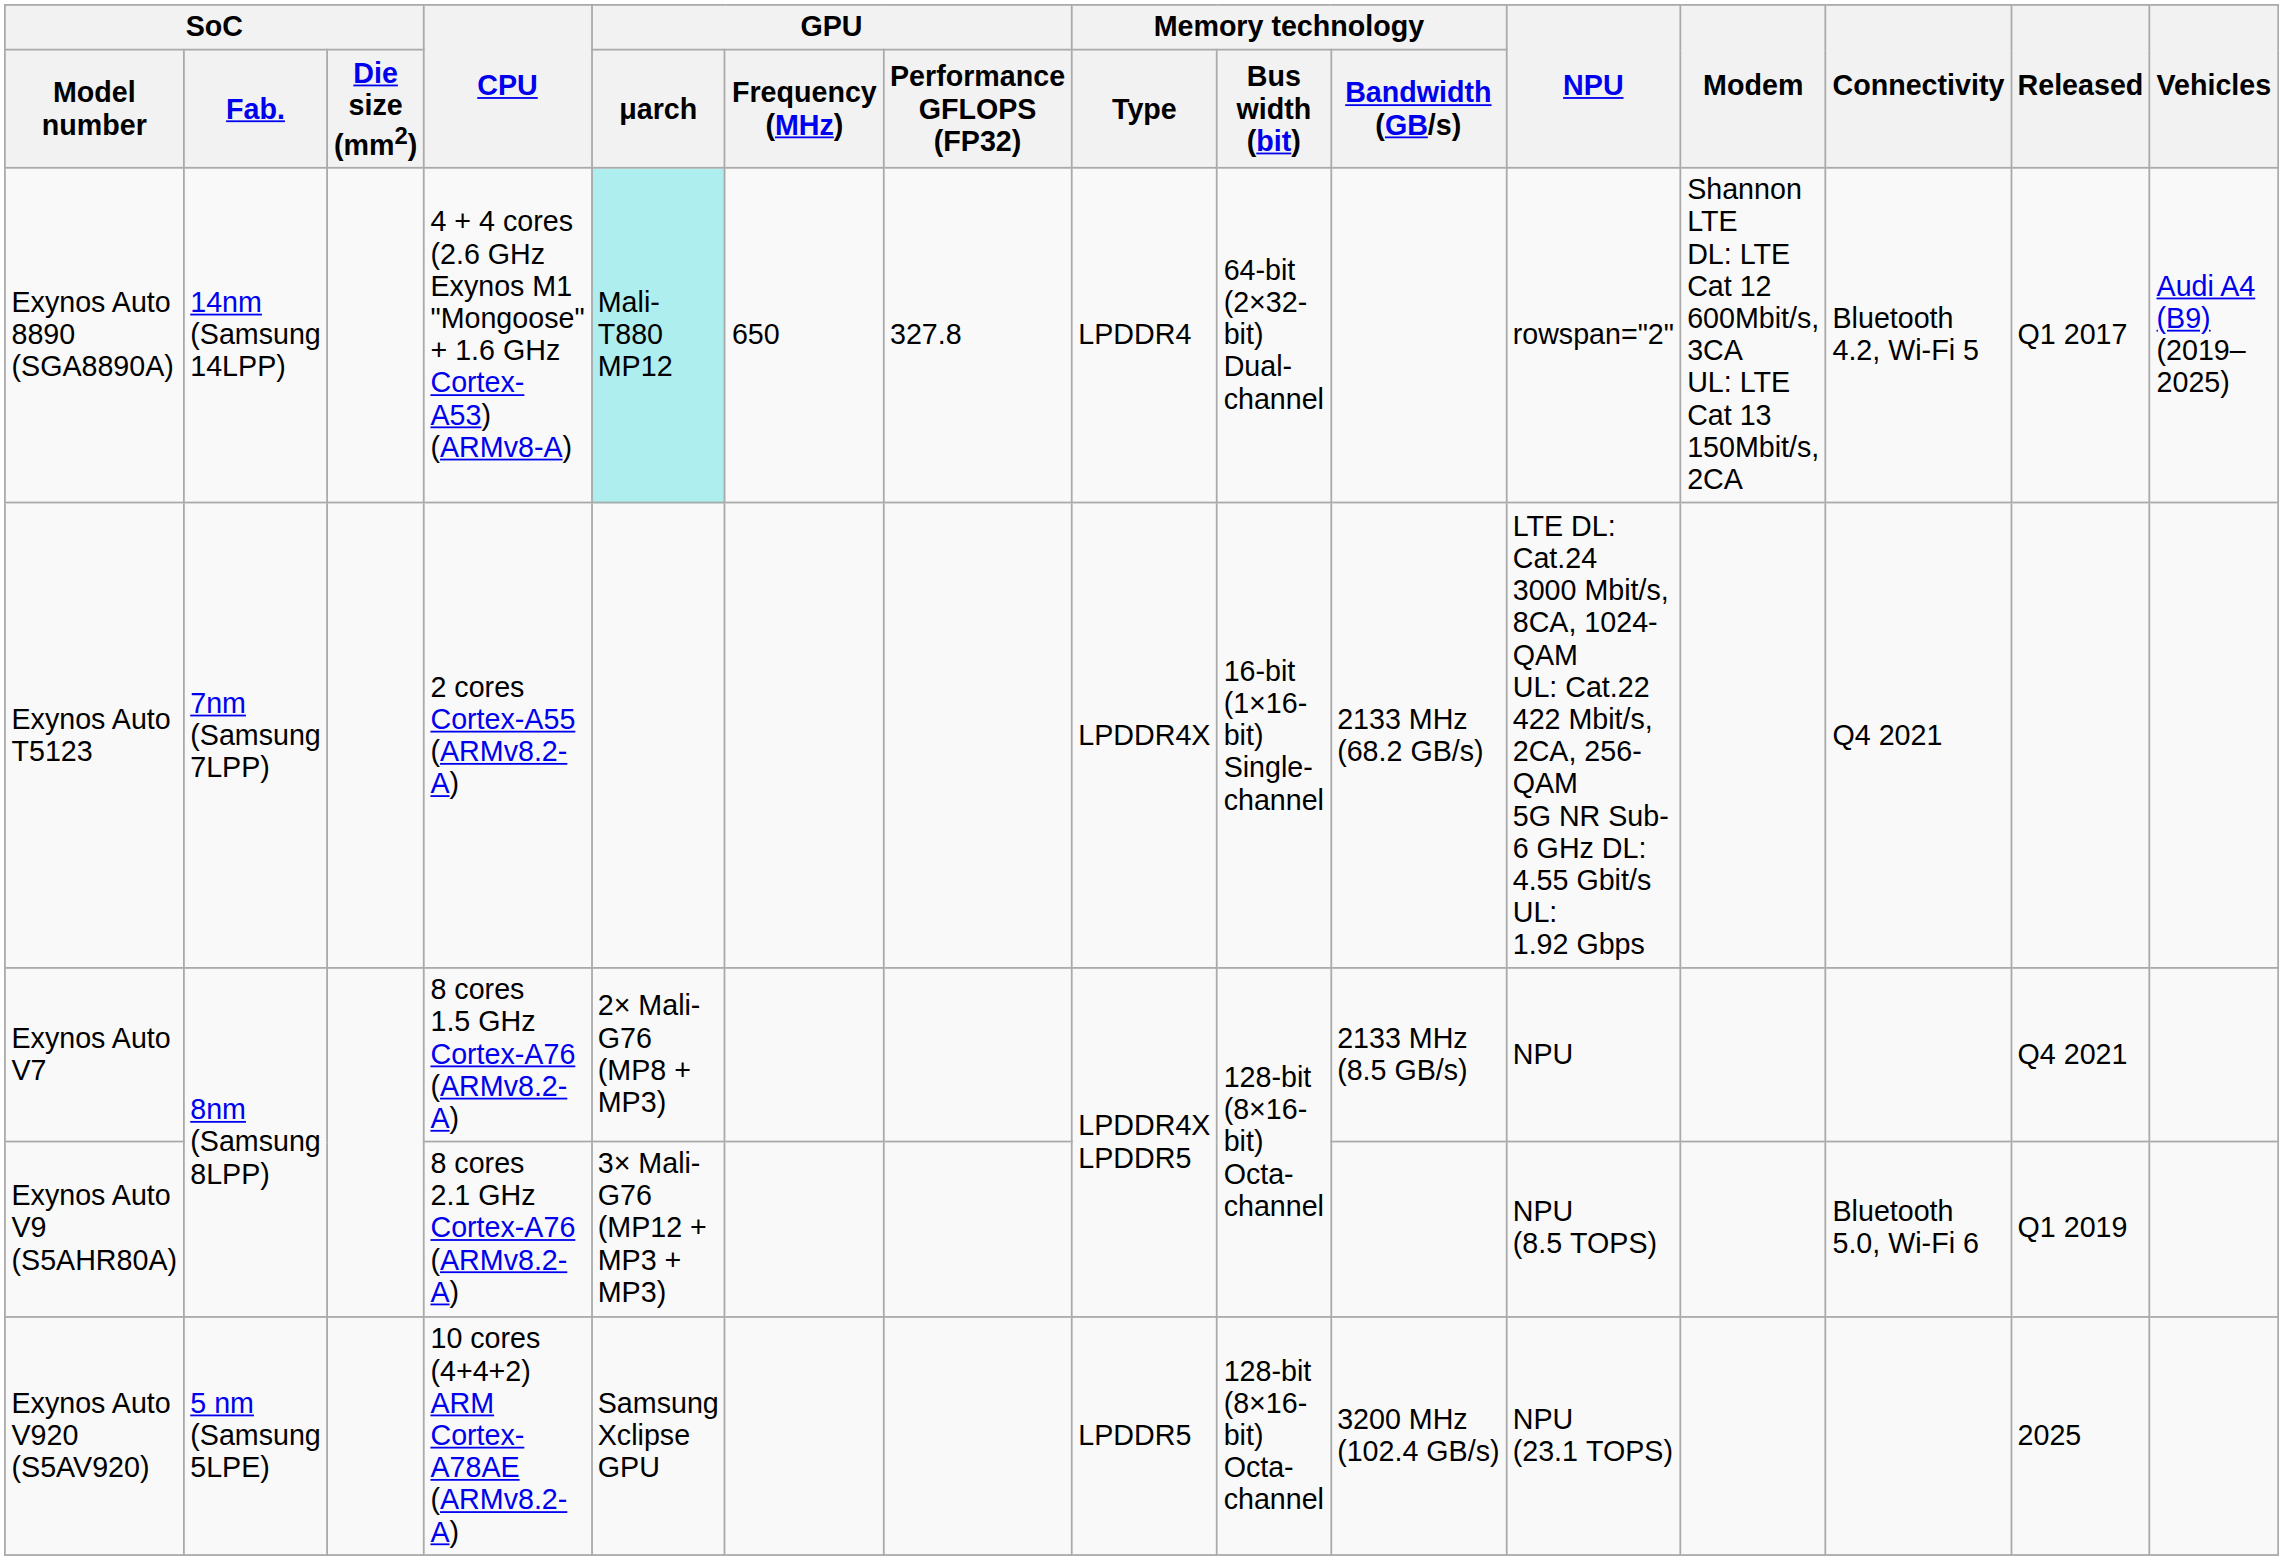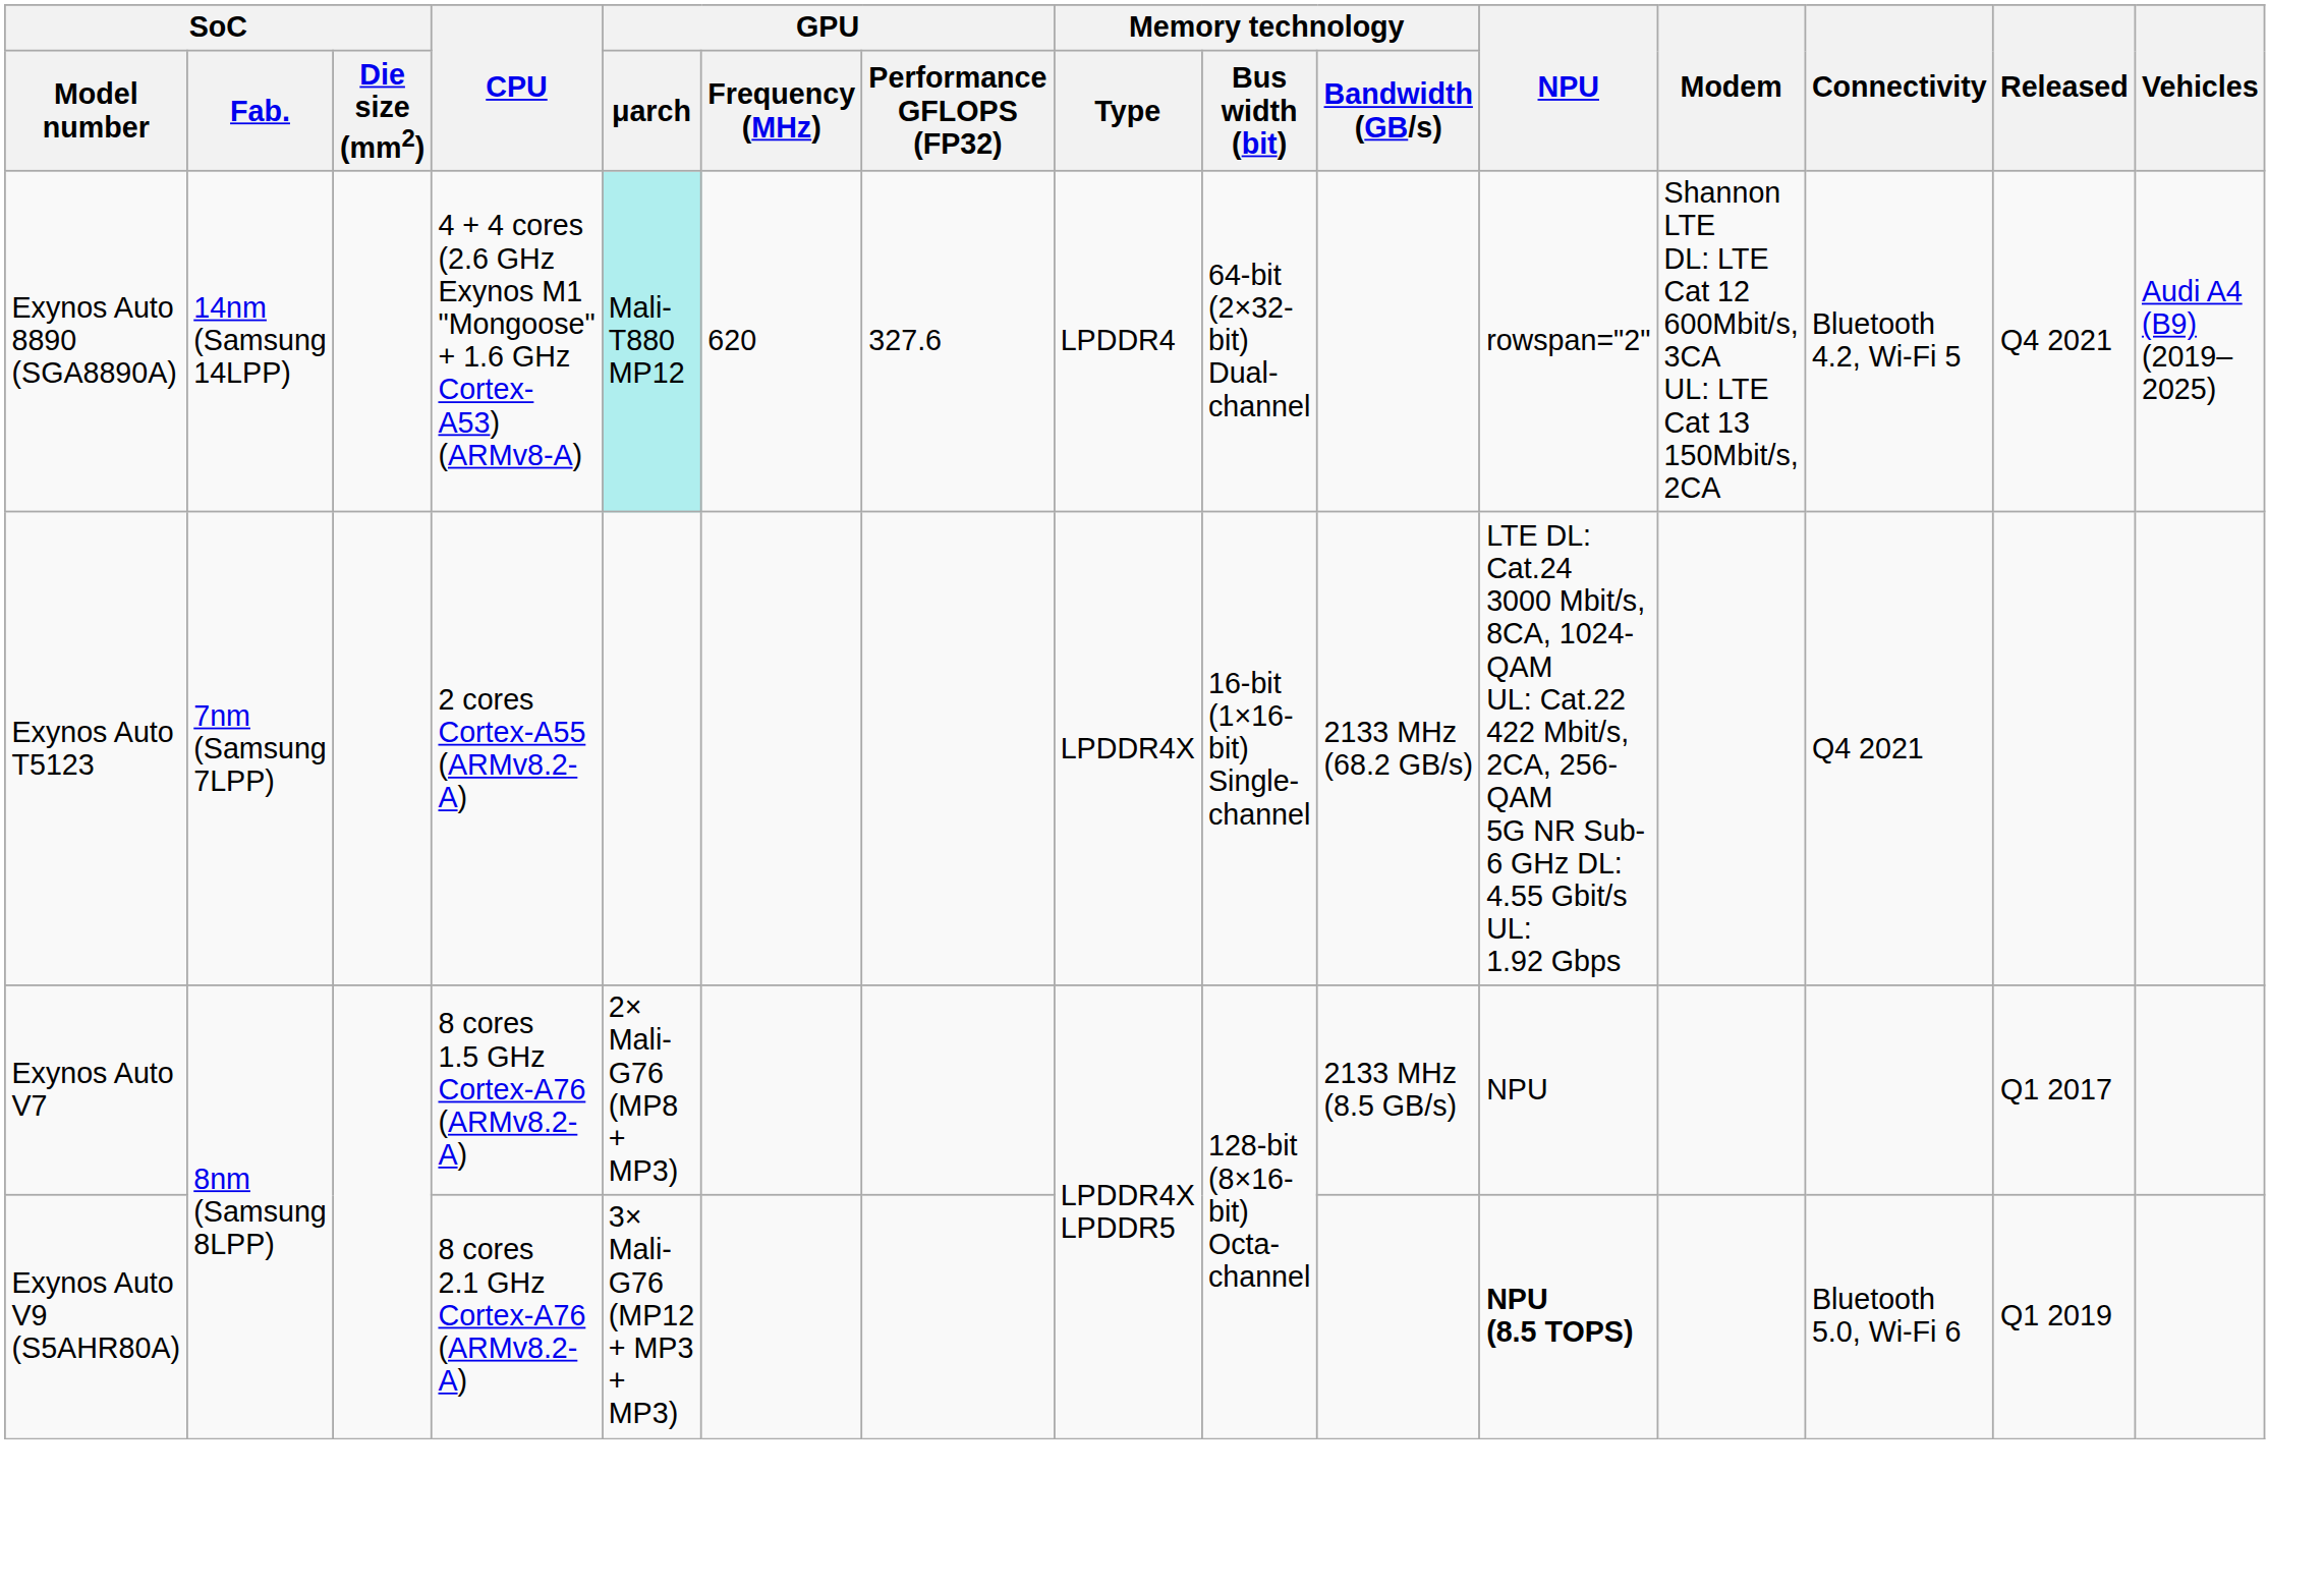 <table class="wikitable">
 <tr>
 <th colspan="3">SoC</th>
 <th rowspan="2"><a href='#'>CPU</a></th>
 <th colspan="3">GPU</th>
 <th colspan="3">Memory technology</th>
 <th rowspan="2"><a href='#'>NPU</a></th>
 <th rowspan="2">Modem</th>
 <th rowspan="2">Connectivity</th>
 <th rowspan="2">Released</th>
 <th rowspan="2">Vehicles</th>
 </tr>
 <tr>
 <th>Model number</th>
 <th><a href='#'>Fab.</a></th>
 <th><a href='#'>Die</a><br>size<br>(mm<sup>2</sup>)</th>
 <th>μarch</th>
 <th>Frequency (<a href='#'>MHz</a>)</th>
 <th>Performance<br>GFLOPS (FP32)</th>
 <th>Type</th>
 <th>Bus width<br>(<a href='#'>bit</a>)</th>
 <th><a href='#'>Bandwidth</a><br>(<a href='#'>GB</a>/s)</th>
 </tr>
 <tr>
 <td>Exynos Auto 8890 (SGA8890A)</td>
 <td><a href='#'>14nm</a><br>(Samsung 14LPP)</td>
 <td></td>
 <td>4 + 4 cores<br>(2.6 GHz Exynos M1 "Mongoose" + 1.6 GHz <a href='#'>Cortex-A53</a>)<br>(<a href='#'>ARMv8-A</a>)</td>
 <td style="background: paleturquoise;">Mali-T880 MP12</td>
-<td>650</td>
-<td>327.8</td>
+<td>620</td>
+<td>327.6</td>
 <td>LPDDR4</td>
 <td>64-bit (2×32-bit) Dual-channel</td>
 <td></td>
 <td>rowspan="2" </td>
 <td>Shannon LTE<br>DL: LTE Cat 12 600Mbit/s, 3CA<br>UL: LTE Cat 13 150Mbit/s, 2CA</td>
 <td>Bluetooth 4.2, Wi-Fi 5</td>
-<td>Q1 2017</td>
+<td>Q4 2021</td>
 <td><a href='#'>Audi A4 (B9)</a> (2019–2025)</td>
 </tr>
 <tr>
 <td>Exynos Auto T5123</td>
 <td><a href='#'>7nm</a><br>(Samsung 7LPP)</td>
 <td></td>
 <td>2 cores<br><a href='#'>Cortex-A55</a><br>(<a href='#'>ARMv8.2-A</a>)</td>
 <td></td>
 <td></td>
 <td></td>
 <td>LPDDR4X</td>
 <td>16-bit (1×16-bit) Single-channel</td>
 <td>2133 MHz (68.2 GB/s)</td>
 <td>LTE DL: Cat.24 3000 Mbit/s, 8CA, 1024-QAM<br>UL: Cat.22 422 Mbit/s, 2CA, 256-QAM<br>5G NR Sub-6 GHz DL: 4.55 Gbit/s UL: 1.92 Gbps</td>
 <td></td>
 <td>Q4 2021</td>
 <td></td>
 </tr>
 <tr>
 <td>Exynos Auto V7</td>
 <td rowspan="2"><a href='#'>8nm</a><br>(Samsung 8LPP)</td>
 <td rowspan="2"></td>
 <td>8 cores<br>1.5 GHz <a href='#'>Cortex-A76</a><br>(<a href='#'>ARMv8.2-A</a>)</td>
 <td>2× Mali-G76<br>(MP8 + MP3)</td>
 <td></td>
 <td></td>
 <td rowspan="2">LPDDR4X<br>LPDDR5</td>
 <td rowspan="2">128-bit (8×16-bit) Octa-channel</td>
 <td>2133 MHz<br>(8.5 GB/s)</td>
 <td>NPU</td>
 <td></td>
 <td></td>
-<td>Q4 2021</td>
+<td>Q1 2017</td>
 <td></td>
 </tr>
 <tr>
 <td>Exynos Auto V9 (S5AHR80A)</td>
 <td>8 cores<br>2.1 GHz <a href='#'>Cortex-A76</a><br>(<a href='#'>ARMv8.2-A</a>)</td>
 <td>3× Mali-G76<br>(MP12 + MP3 + MP3)</td>
 <td></td>
 <td></td>
 <td></td>
-<td>NPU<br>(8.5 TOPS)</td>
+<td><strong>NPU<br>(8.5 TOPS)</strong></td>
 <td></td>
 <td>Bluetooth 5.0, Wi-Fi 6</td>
 <td>Q1 2019</td>
 <td></td>
 </tr>
-<tr>
-<td>Exynos Auto V920 (S5AV920)</td>
-<td><a href='#'>5 nm</a><br>(Samsung 5LPE)</td>
-<td></td>
-<td>10 cores (4+4+2)<br><a href='#'>ARM Cortex-A78AE</a><br>(<a href='#'>ARMv8.2-A</a>)</td>
-<td>Samsung Xclipse GPU</td>
-<td></td>
-<td></td>
-<td>LPDDR5</td>
-<td>128-bit (8×16-bit) Octa-channel</td>
-<td>3200 MHz (102.4 GB/s)</td>
-<td>NPU<br>(23.1 TOPS)</td>
-<td></td>
-<td></td>
-<td>2025</td>
-<td></td>
-</tr>
 </table>
